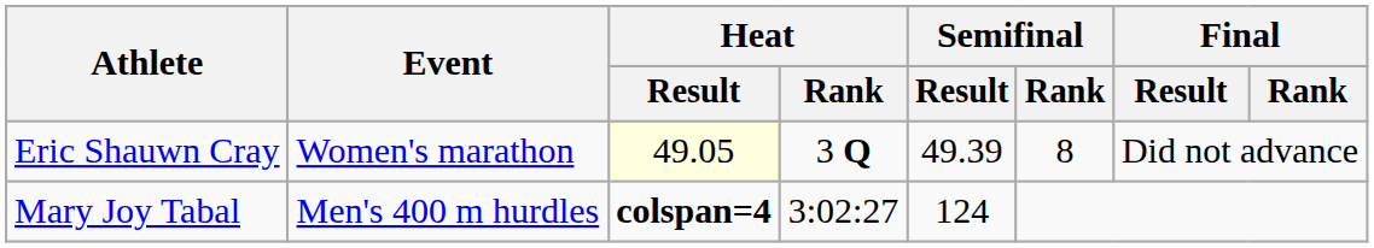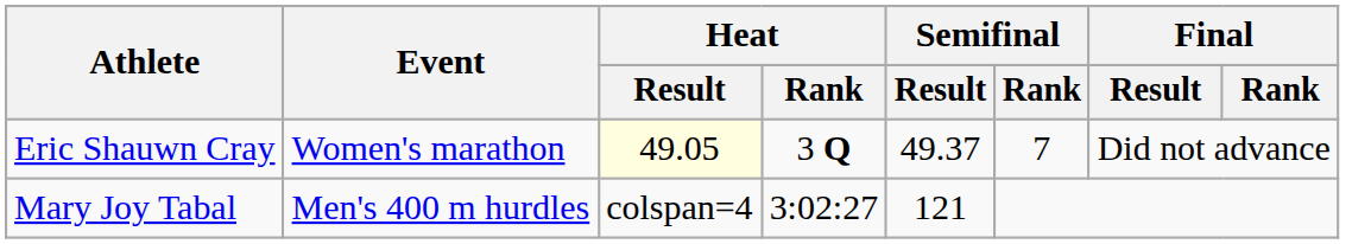 <table class="wikitable" style="font-size:90%">
 <tr>
 <th rowspan="2">Athlete</th>
 <th rowspan="2">Event</th>
 <th colspan="2">Heat</th>
 <th colspan="2">Semifinal</th>
 <th colspan="2">Final</th>
 </tr>
 <tr style="font-size:95%">
 <th>Result</th>
 <th>Rank</th>
 <th>Result</th>
 <th>Rank</th>
 <th>Result</th>
 <th>Rank</th>
 </tr>
 <tr align=center>
 <td align=left><a href='#'>Eric Shauwn Cray</a></td>
 <td align=left><a href='#'>Women's marathon</a></td>
 <td style="background: lightyellow;">49.05</td>
 <td>3 <strong>Q</strong></td>
-<td>49.39</td>
-<td>8</td>
+<td>49.37</td>
+<td>7</td>
 <td colspan="2">Did not advance</td>
 </tr>
 <tr align=center>
 <td align=left><a href='#'>Mary Joy Tabal</a></td>
 <td align=left><a href='#'>Men's 400 m hurdles</a></td>
-<td><strong>colspan=4 </strong></td>
+<td>colspan=4 </td>
 <td>3:02:27</td>
-<td>124</td>
+<td>121</td>
 </tr>
 </table>
